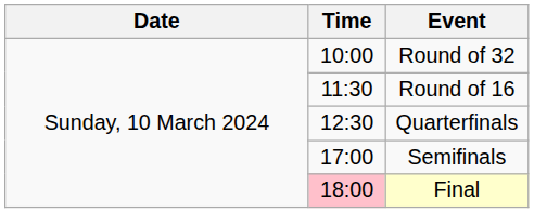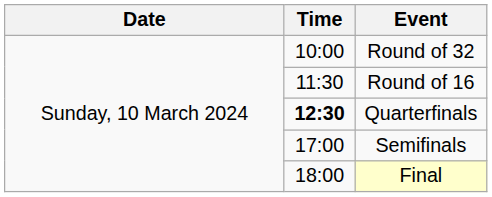 <table class = "wikitable" style="text-align:center;">
 <tr>
 <th width=220>Date</th>
 <th width=50>Time</th>
 <th width=100>Event</th>
 </tr>
 <tr>
 <td rowspan=5>Sunday, 10 March 2024</td>
 <td>10:00</td>
 <td>Round of 32</td>
 </tr>
 <tr>
 <td>11:30</td>
 <td>Round of 16</td>
 </tr>
 <tr>
-<td>12:30</td>
+<td><strong>12:30</strong></td>
 <td>Quarterfinals</td>
 </tr>
 <tr>
 <td>17:00</td>
 <td>Semifinals</td>
 </tr>
 <tr>
-<td style="background: pink;">18:00</td>
+<td>18:00</td>
 <td bgcolor=ffffcc>Final</td>
 </tr>
 </table>
